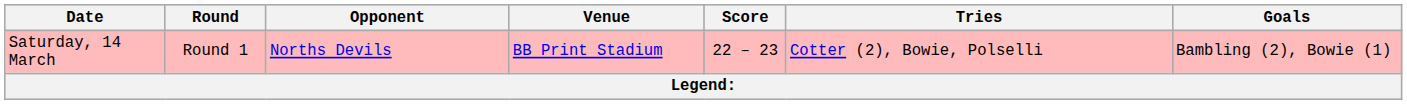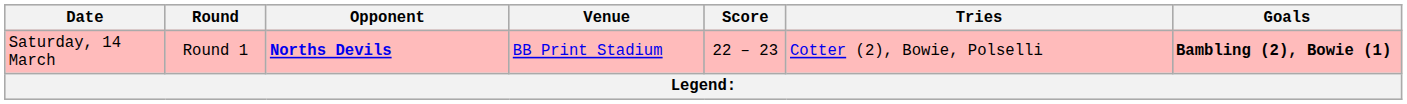 <table class="wikitable" style="font-size:75%;">
 <tr>
 <th style="width:105px;">Date</th>
 <th style="width:65px;">Round</th>
 <th style="width:170px;">Opponent</th>
 <th style="width:135px;">Venue</th>
 <th style="width:50px;">Score</th>
 <th style="width:280px;">Tries</th>
 <th style="width:160px;">Goals</th>
 </tr>
 <tr style="background:#FFBBBB">
 <td>Saturday, 14 March</td>
 <td style="text-align:center;">Round 1</td>
-<td> <a href='#'>Norths Devils</a></td>
+<td><strong> <a href='#'>Norths Devils</a></strong></td>
 <td><a href='#'>BB Print Stadium</a></td>
 <td style="text-align:center;">22 – 23</td>
 <td><a href='#'>Cotter</a> (2), Bowie, Polselli</td>
-<td>Bambling (2), Bowie (1)</td>
+<td><strong>Bambling (2), Bowie (1)</strong></td>
 </tr>
 <tr>
 <th colspan="11"><strong>Legend</strong>:    </th>
 </tr>
 </table>
